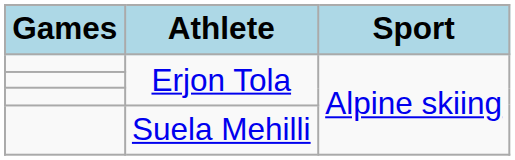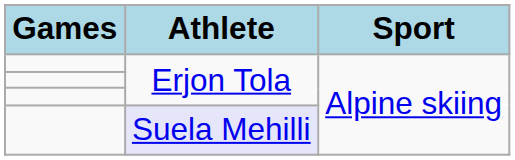 <table class="wikitable" style="text-align:center">
 <tr>
 <th style="background-color:lightblue">Games</th>
 <th style="background-color:lightblue">Athlete</th>
 <th style="background-color:lightblue">Sport</th>
 </tr>
 <tr>
 <td></td>
 <td rowspan=3><a href='#'>Erjon Tola</a></td>
 <td rowspan=5><a href='#'>Alpine skiing</a></td>
 </tr>
 <tr>
 <td></td>
 </tr>
 <tr>
 <td></td>
 </tr>
 <tr>
 <td></td>
-<td><a href='#'>Suela Mehilli</a></td>
+<td style="background: lavender;"><a href='#'>Suela Mehilli</a></td>
 </tr>
 </table>
